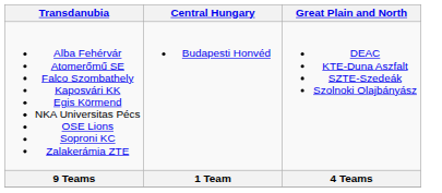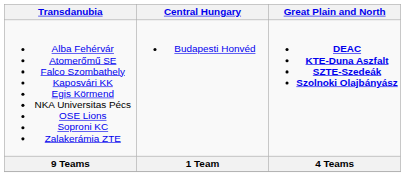 <table class="wikitable" style="clear:right;white-space:nowrap;">
 <tr>
 <th width="33%"><a href='#'>Transdanubia</a></th>
 <th width="33%"><a href='#'>Central Hungary</a></th>
 <th width="33%"><a href='#'>Great Plain and North</a></th>
 </tr>
 <tr align="center" valign="top">
 <td><br><ul><li><a href='#'>Alba Fehérvár</a></li><li><a href='#'>Atomerőmű SE</a></li><li><a href='#'>Falco Szombathely</a></li><li><a href='#'>Kaposvári KK</a></li><li><a href='#'>Egis Körmend</a></li><li>NKA Universitas Pécs</li><li><a href='#'>OSE Lions</a></li><li><a href='#'>Soproni KC</a></li><li><a href='#'>Zalakerámia ZTE</a></li></ul></td>
 <td><br><ul><li><a href='#'>Budapesti Honvéd</a></li></ul></td>
-<td><br><ul><li><a href='#'>DEAC</a></li><li><a href='#'>KTE-Duna Aszfalt</a></li><li><a href='#'>SZTE-Szedeák</a></li><li><a href='#'>Szolnoki Olajbányász</a></li></ul></td>
+<td><strong><br><ul><li><a href='#'>DEAC</a></li><li><a href='#'>KTE-Duna Aszfalt</a></li><li><a href='#'>SZTE-Szedeák</a></li><li><a href='#'>Szolnoki Olajbányász</a></li></ul></strong></td>
 </tr>
 <tr>
 <th>9 Teams</th>
 <th>1 Team</th>
 <th>4 Teams</th>
 </tr>
 <tr>
 </tr>
 </table>
